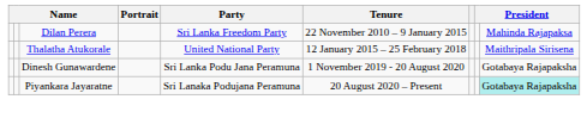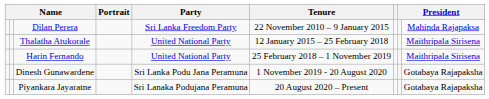 <table class="wikitable" style="margin:1em auto; font-size:90%; text-align:center;">
 <tr>
 <th colspan="3">Name</th>
 <th>Portrait</th>
 <th>Party</th>
 <th>Tenure</th>
 <th></th>
 <th colspan="2"><a href='#'>President</a></th>
 </tr>
 <tr>
 <td style="background:"></td>
 <td></td>
 <td><a href='#'>Dilan Perera</a></td>
 <td></td>
 <td><a href='#'>Sri Lanka Freedom Party</a></td>
 <td>22 November 2010 – 9 January 2015</td>
 <td></td>
 <td style="background:"></td>
 <td><a href='#'>Mahinda Rajapaksa</a></td>
 </tr>
 <tr>
 <td style="background:"></td>
 <td></td>
 <td><a href='#'>Thalatha Atukorale</a></td>
 <td></td>
 <td><a href='#'>United National Party</a></td>
 <td>12 January 2015 – 25 February 2018</td>
 <td></td>
 <td style="background:"></td>
 <td><a href='#'>Maithripala Sirisena</a></td>
 </tr>
 <tr>
+<td style="background:"></td>
+<td></td>
+<td><a href='#'>Harin Fernando</a></td>
+<td></td>
+<td><a href='#'>United National Party</a></td>
+<td>25 February 2018 – 1 November 2019</td>
+<td></td>
+<td style="background:"></td>
+<td><a href='#'>Maithripala Sirisena</a></td>
+</tr>
+<tr>
 <td></td>
 <td></td>
 <td>Dinesh Gunawardene</td>
 <td></td>
 <td>Sri Lanka Podu Jana Peramuna</td>
 <td>1 November 2019 - 20 August 2020</td>
 <td></td>
 <td></td>
 <td>Gotabaya Rajapaksha</td>
 </tr>
 <tr>
 <td></td>
 <td></td>
 <td>Piyankara Jayaratne</td>
 <td></td>
 <td>Sri Lanaka Podujana Peramuna</td>
 <td>20 August 2020 – Present</td>
 <td></td>
 <td></td>
-<td style="background: paleturquoise;">Gotabaya Rajapaksha</td>
+<td>Gotabaya Rajapaksha</td>
 </tr>
 </table>
